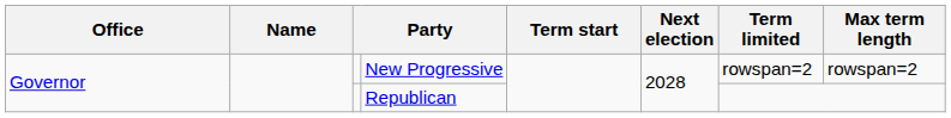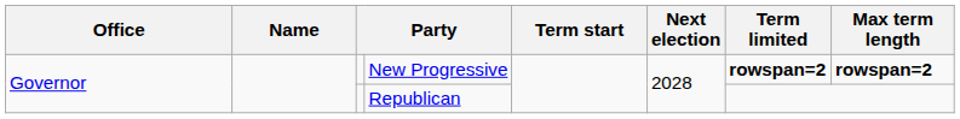 <table class="sortable wikitable">
 <tr>
 <th scope="col" width=190>Office</th>
 <th scope="col" width=100>Name</th>
 <th scope="col" width=75 colspan=2>Party</th>
 <th scope="col" width=110>Term start</th>
 <th scope="col" width=50>Next election</th>
 <th scope="col" width=85>Term limited</th>
 <th scope="col" width=100>Max term length</th>
 </tr>
 <tr>
 <td rowspan=2><a href='#'>Governor</a></td>
 <td rowspan=2></td>
 <td style="background:"></td>
 <td><a href='#'>New Progressive</a></td>
 <td rowspan=2></td>
 <td rowspan=2>2028</td>
-<td>rowspan=2 </td>
-<td>rowspan=2 </td>
+<td><strong>rowspan=2 </strong></td>
+<td><strong>rowspan=2 </strong></td>
 </tr>
 <tr>
 <td style="background-color:"></td>
 <td><a href='#'>Republican</a></td>
 </tr>
 </table>
